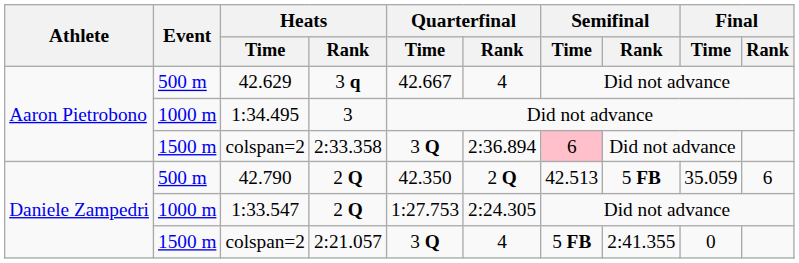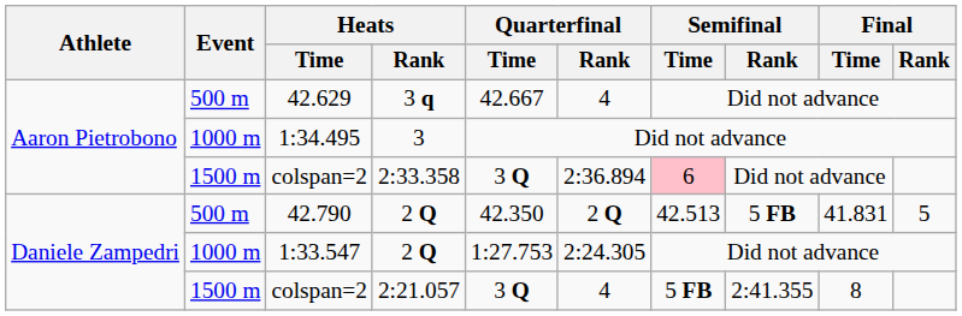 <table class="wikitable" style="font-size:90%">
 <tr>
 <th rowspan=2>Athlete</th>
 <th rowspan=2>Event</th>
 <th colspan=2>Heats</th>
 <th colspan=2>Quarterfinal</th>
 <th colspan=2>Semifinal</th>
 <th colspan=2>Final</th>
 </tr>
 <tr style="font-size:95%">
 <th>Time</th>
 <th>Rank</th>
 <th>Time</th>
 <th>Rank</th>
 <th>Time</th>
 <th>Rank</th>
 <th>Time</th>
 <th>Rank</th>
 </tr>
 <tr align=center>
 <td align=left rowspan=3><a href='#'>Aaron Pietrobono</a></td>
 <td align=left><a href='#'>500 m</a></td>
 <td>42.629</td>
 <td>3 <strong>q</strong></td>
 <td>42.667</td>
 <td>4</td>
 <td colspan=4>Did not advance</td>
 </tr>
 <tr align=center>
 <td align=left><a href='#'>1000 m</a></td>
 <td>1:34.495</td>
 <td>3</td>
 <td colspan=6>Did not advance</td>
 </tr>
 <tr align=center>
 <td align=left><a href='#'>1500 m</a></td>
 <td>colspan=2</td>
 <td>2:33.358</td>
 <td>3 <strong>Q</strong></td>
 <td>2:36.894</td>
 <td style="background: pink;">6</td>
 <td colspan=2>Did not advance</td>
 </tr>
 <tr align=center>
 <td align=left rowspan=3><a href='#'>Daniele Zampedri</a></td>
 <td align=left><a href='#'>500 m</a></td>
 <td>42.790</td>
 <td>2 <strong>Q</strong></td>
 <td>42.350</td>
 <td>2 <strong>Q</strong></td>
 <td>42.513</td>
 <td>5 <strong>FB</strong></td>
-<td>35.059</td>
-<td>6</td>
+<td>41.831</td>
+<td>5</td>
 </tr>
 <tr align=center>
 <td align=left><a href='#'>1000 m</a></td>
 <td>1:33.547</td>
 <td>2 <strong>Q</strong></td>
 <td>1:27.753</td>
 <td>2:24.305</td>
 <td colspan=4>Did not advance</td>
 </tr>
 <tr align=center>
 <td align=left><a href='#'>1500 m</a></td>
 <td>colspan=2</td>
 <td>2:21.057</td>
 <td>3 <strong>Q</strong></td>
 <td>4</td>
 <td>5 <strong>FB</strong></td>
 <td>2:41.355</td>
-<td>0</td>
+<td>8</td>
 </tr>
 </table>
